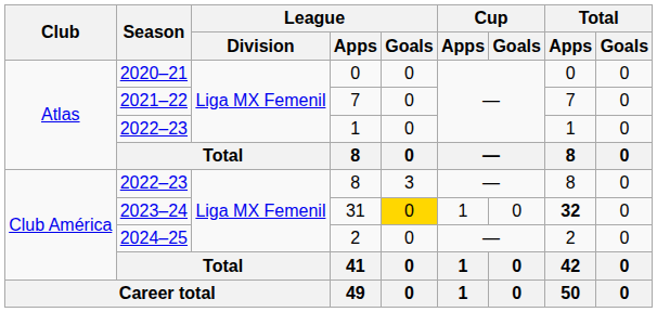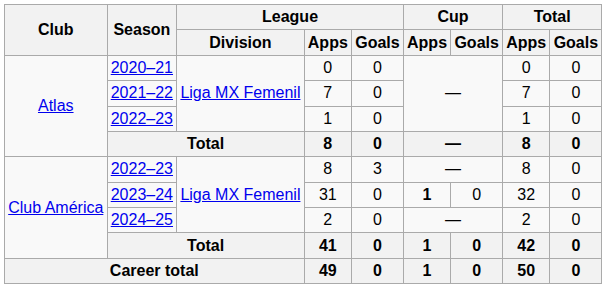 <table class="wikitable">
 <tr>
 <th rowspan="2">Club</th>
 <th rowspan="2">Season</th>
 <th colspan="3">League</th>
 <th colspan="2">Cup </th>
 <th colspan="2">Total</th>
 </tr>
 <tr>
 <th>Division</th>
 <th>Apps</th>
 <th>Goals</th>
 <th>Apps</th>
 <th>Goals</th>
 <th>Apps</th>
 <th>Goals</th>
 </tr>
 <tr>
 <td rowspan="4" align="center"><a href='#'>Atlas</a></td>
 <td><a href='#'>2020–21</a></td>
 <td rowspan="3"><a href='#'>Liga MX Femenil</a></td>
 <td align="center">0</td>
 <td align="center">0</td>
 <td colspan="2" rowspan="3" align="center">—</td>
 <td align="center">0</td>
 <td align="center">0</td>
 </tr>
 <tr>
 <td><a href='#'>2021–22</a></td>
 <td align="center">7</td>
 <td align="center">0</td>
 <td align="center">7</td>
 <td align="center">0</td>
 </tr>
 <tr>
 <td><a href='#'>2022–23</a></td>
 <td align="center">1</td>
 <td align="center">0</td>
 <td align="center">1</td>
 <td align="center">0</td>
 </tr>
 <tr>
 <th colspan="2" align="center">Total</th>
 <th>8</th>
 <th>0</th>
 <th colspan="2">—</th>
 <th>8</th>
 <th>0</th>
 </tr>
 <tr>
 <td rowspan="4"><a href='#'>Club América</a></td>
 <td><a href='#'>2022–23</a></td>
 <td rowspan="3"><a href='#'>Liga MX Femenil</a></td>
 <td align="center">8</td>
 <td align="center">3</td>
 <td colspan="2" align="center">—</td>
 <td align="center">8</td>
 <td align="center">0</td>
 </tr>
 <tr>
 <td><a href='#'>2023–24</a></td>
 <td align="center">31</td>
-<td align="center" style="background: gold;">0</td>
-<td align="center">1</td>
 <td align="center">0</td>
-<td align="center"><strong>32</strong></td>
+<td align="center"><strong>1</strong></td>
+<td align="center">0</td>
+<td align="center">32</td>
 <td align="center">0</td>
 </tr>
 <tr>
 <td><a href='#'>2024–25</a></td>
 <td align="center">2</td>
 <td align="center">0</td>
 <td align="center"  colspan="2">—</td>
 <td align="center">2</td>
 <td align="center">0</td>
 </tr>
 <tr>
 <th colspan="2">Total</th>
 <th>41</th>
 <th>0</th>
 <th>1</th>
 <th>0</th>
 <th>42</th>
 <th>0</th>
 </tr>
 <tr>
 <th colspan="3">Career total</th>
 <th>49</th>
 <th>0</th>
 <th>1</th>
 <th>0</th>
 <th>50</th>
 <th>0</th>
 </tr>
 </table>
